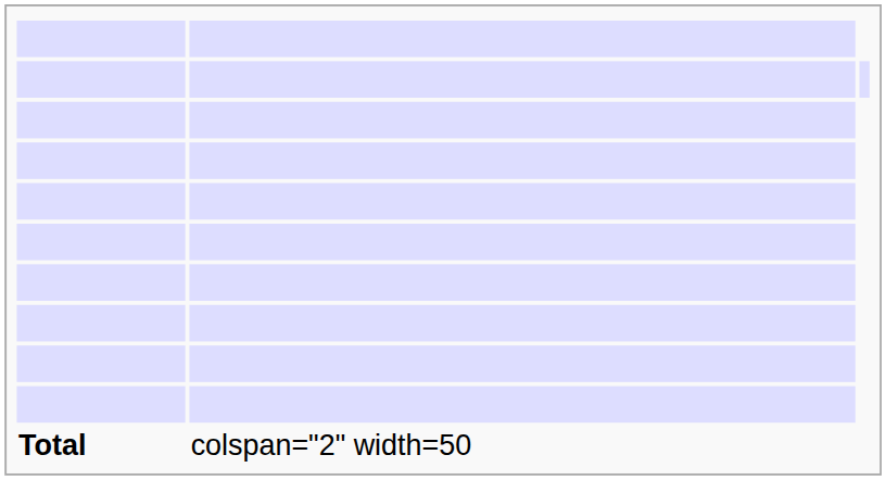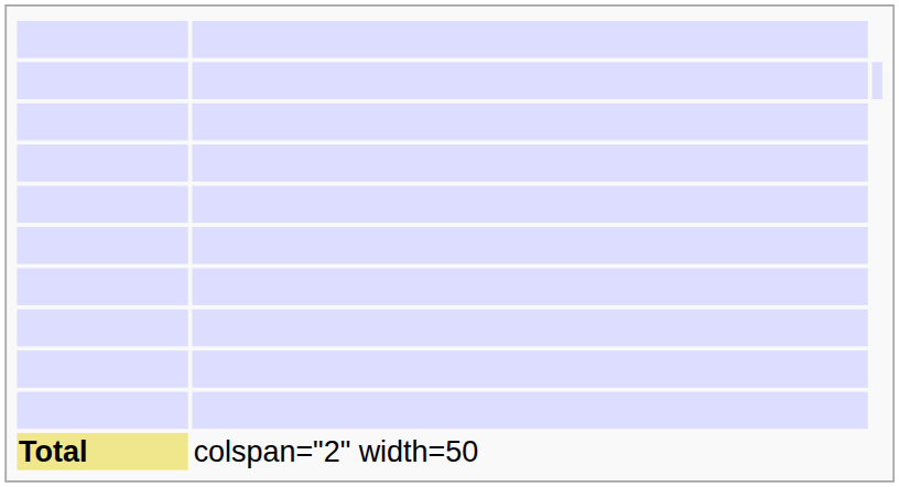 <table class="infobox" style="width: 30em; text-align: left; font-size: 90%; vertical-align: middle;">
 <tr>
 </tr>
 <tr style="background:#ddf;text-align:center;">
 <td style="text-align:center;"><br></td>
 <td></td>
 </tr>
 <tr style="background:#ddf;text-align:center;">
 <td style="text-align:center;"><br></td>
 <td></td>
 <td></td>
 </tr>
 <tr style="background:#ddf;text-align:center;">
 <td style="text-align:center;"><br></td>
 <td></td>
 </tr>
 <tr style="background:#ddf;text-align:center;">
 <td style="text-align:center;"><br></td>
 <td></td>
 </tr>
 <tr style="background:#ddf;text-align:center;">
 <td style="text-align:center;"><br></td>
 <td></td>
 </tr>
 <tr style="background:#ddf;text-align:center;">
 <td style="text-align:center;"><br></td>
 <td></td>
 </tr>
 <tr style="background:#ddf;text-align:center;">
 <td style="text-align:center;"><br></td>
 <td></td>
 </tr>
 <tr style="background:#ddf;text-align:center;">
 <td style="text-align:center;"><br></td>
 <td></td>
 </tr>
 <tr style="background:#ddf;text-align:center;">
 <td style="text-align:center;"><br></td>
 <td></td>
 </tr>
 <tr style="background:#ddf;text-align:center;">
 <td style="text-align:center;"><br></td>
 <td></td>
 </tr>
 <tr>
-<td><strong>Total</strong></td>
+<td style="background: khaki;"><strong>Total</strong></td>
 <td>colspan="2" width=50 </td>
 </tr>
 </table>
